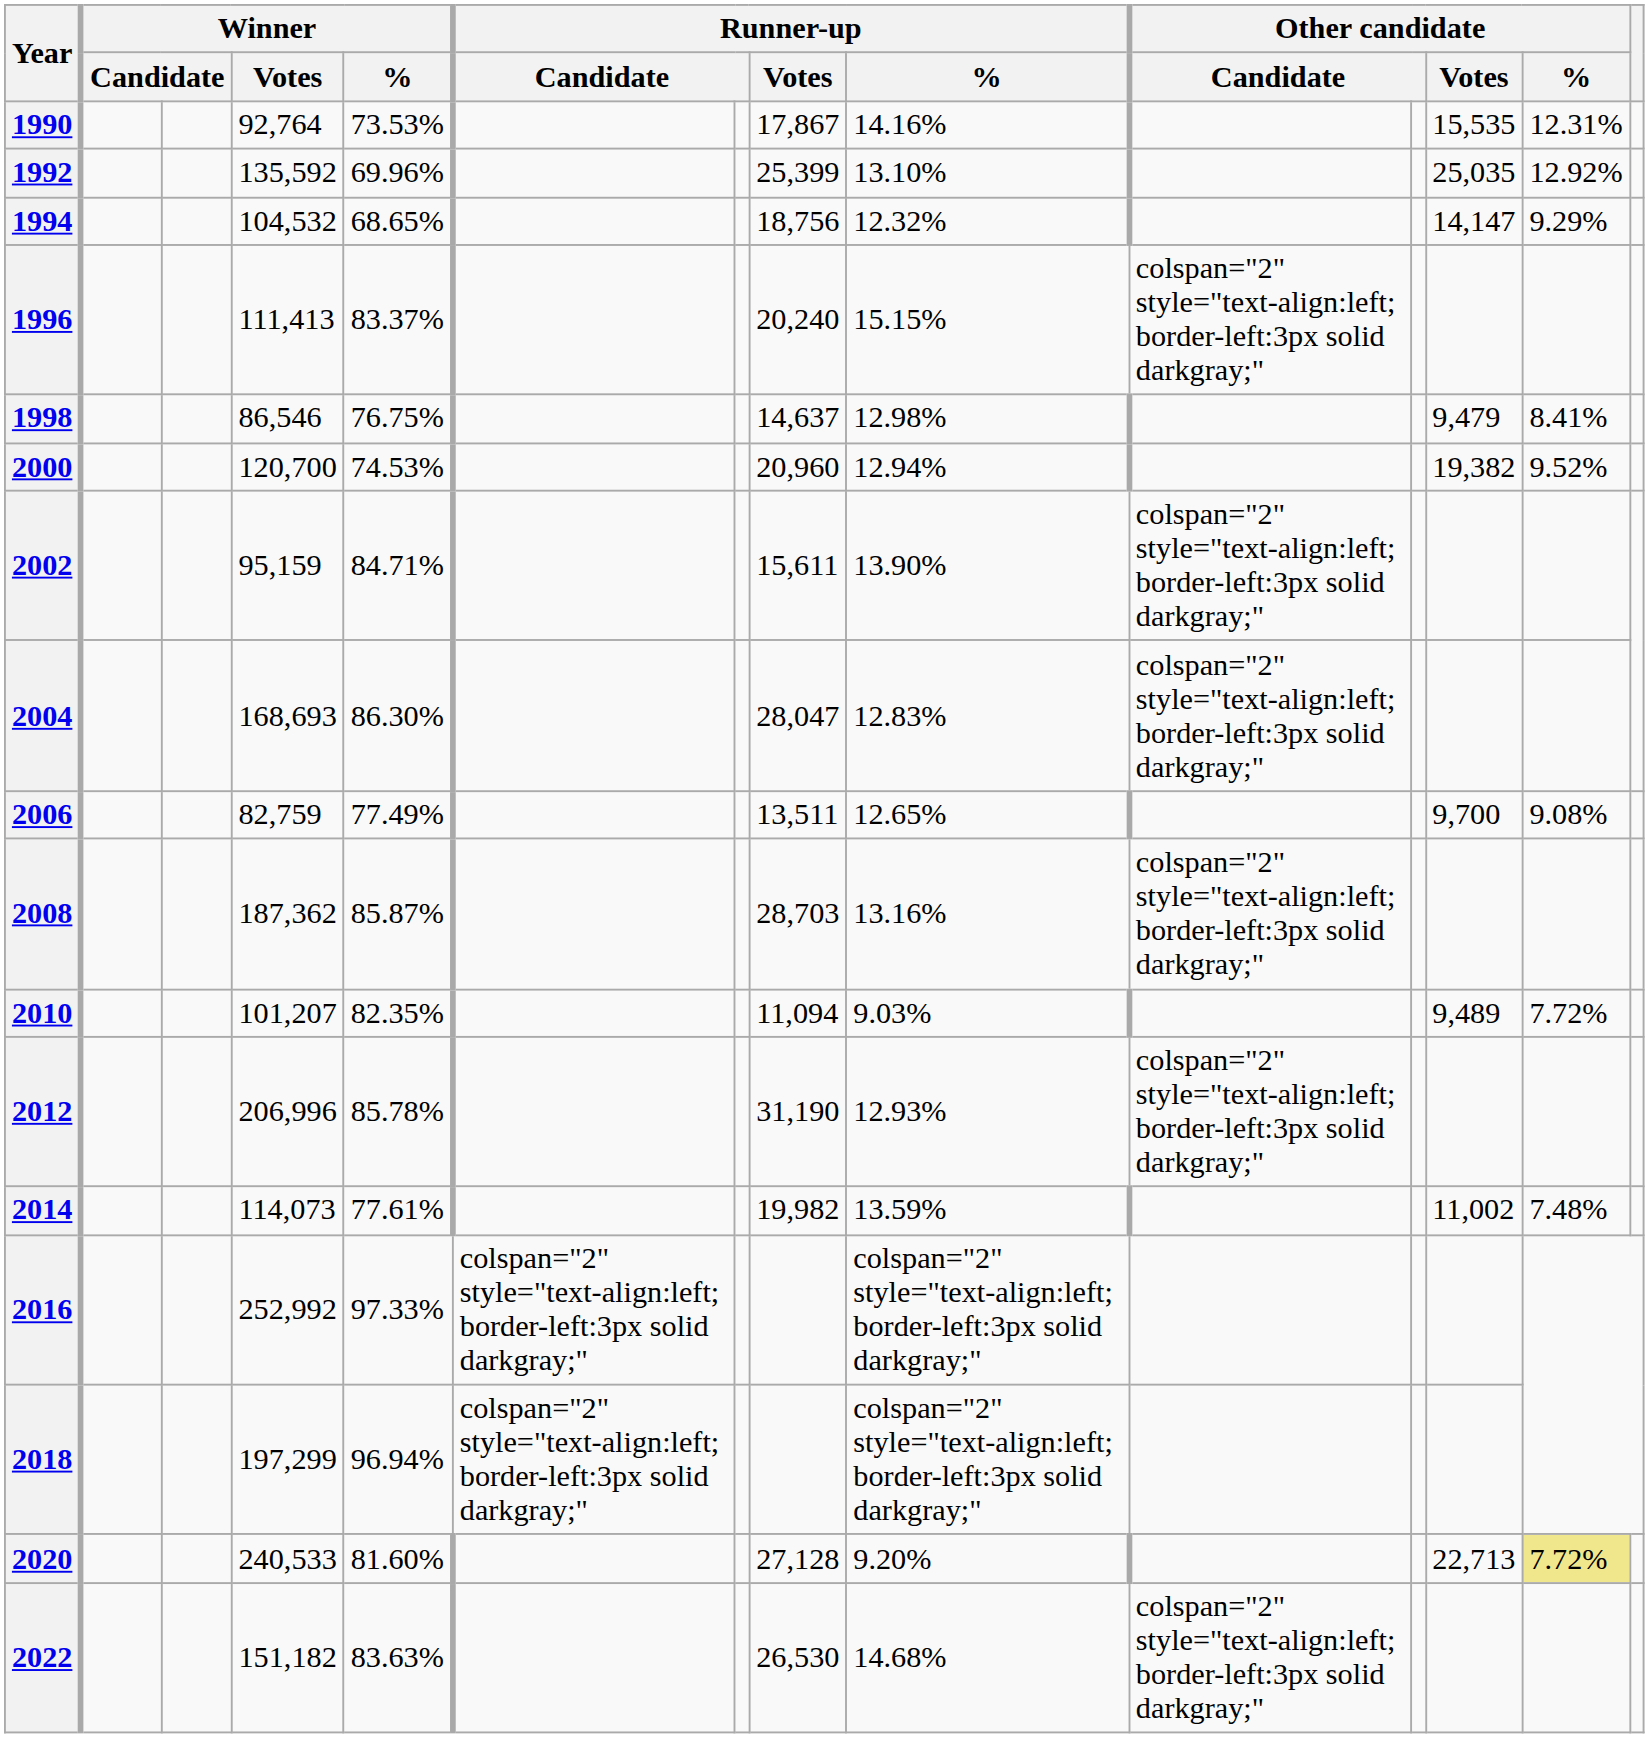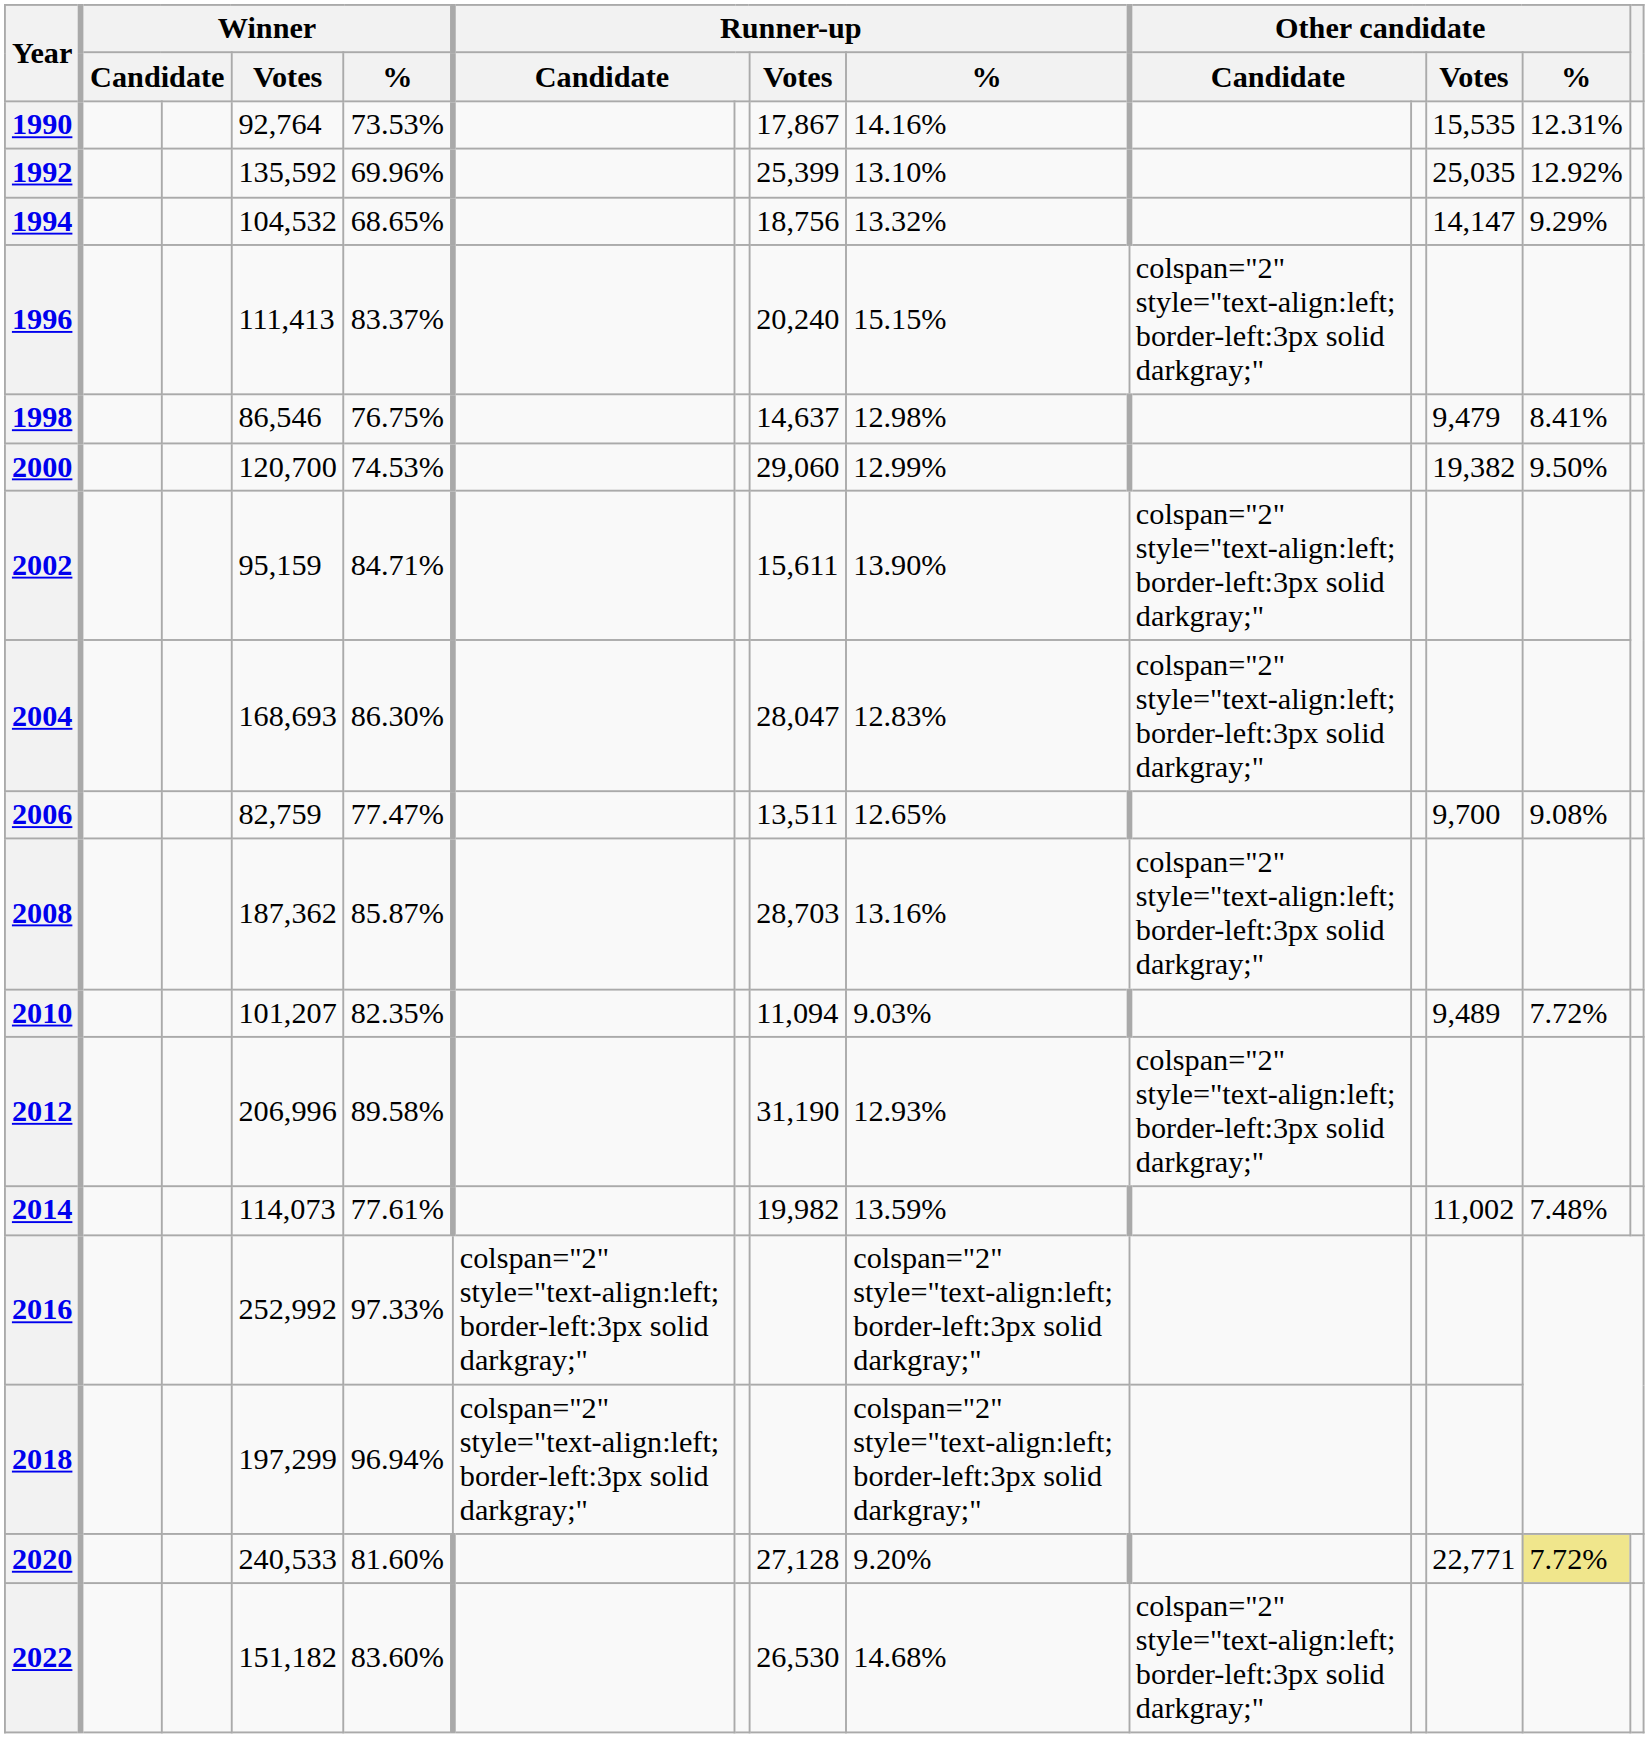 <table class="wikitable sortable">
 <tr>
 <th scope=col rowspan="2">Year</th>
 <th scope="col" style="border-left:3px solid darkgray;" colspan="4">Winner</th>
 <th scope="col" style="border-left:3px solid darkgray;" colspan="4">Runner-up</th>
 <th scope="col" style="border-left:3px solid darkgray;" colspan="4">Other candidate</th>
 <th scope="col" class="unsortable" rowspan="2"></th>
 </tr>
 <tr>
 <th scope="col" style="border-left:3px solid darkgray;" colspan="2">Candidate</th>
 <th scope="col" data-sort-type="number">Votes</th>
 <th scope="col"  data-sort-type="number">%</th>
 <th scope="col" style="border-left:3px solid darkgray;" colspan="2">Candidate</th>
 <th scope="col"  data-sort-type="number">Votes</th>
 <th scope="col"  data-sort-type="number">%</th>
 <th scope="col"  scope="col" style="border-left:3px solid darkgray;" colspan="2">Candidate</th>
 <th scope="col"  data-sort-type="number">Votes</th>
 <th scope="col"  data-sort-type="number">%</th>
 </tr>
 <tr>
 <th scope="row"><a href='#'>1990</a></th>
 <td style="text-align:left; border-left:3px solid darkgray; background-color:"></td>
 <td> </td>
 <td>92,764</td>
 <td>73.53%</td>
 <td style="text-align:left; border-left:3px solid darkgray; background-color:"></td>
 <td> </td>
 <td>17,867</td>
 <td>14.16%</td>
 <td style="text-align:left; border-left:3px solid darkgray; background-color:"></td>
 <td> </td>
 <td>15,535</td>
 <td>12.31%</td>
 <td style="text-align: center;"></td>
 </tr>
 <tr>
 <th scope="row"><a href='#'>1992</a></th>
 <td style="text-align:left; border-left:3px solid darkgray; background-color:"></td>
 <td> </td>
 <td>135,592</td>
 <td>69.96%</td>
 <td style="text-align:left; border-left:3px solid darkgray; background-color:"></td>
 <td> </td>
 <td>25,399</td>
 <td>13.10%</td>
 <td style="text-align:left; border-left:3px solid darkgray; background-color:"></td>
 <td> </td>
 <td>25,035</td>
 <td>12.92%</td>
 <td style="text-align: center;"></td>
 </tr>
 <tr>
 <th scope="row"><a href='#'>1994</a></th>
 <td style="text-align:left; border-left:3px solid darkgray; background-color:"></td>
 <td> </td>
 <td>104,532</td>
 <td>68.65%</td>
 <td style="text-align:left; border-left:3px solid darkgray; background-color:"></td>
 <td> </td>
 <td>18,756</td>
-<td>12.32%</td>
+<td>13.32%</td>
 <td style="text-align:left; border-left:3px solid darkgray; background-color:"></td>
 <td> </td>
 <td>14,147</td>
 <td>9.29%</td>
 <td style="text-align: center;"></td>
 </tr>
 <tr>
 <th scope="row"><a href='#'>1996</a></th>
 <td style="text-align:left; border-left:3px solid darkgray; background-color:"></td>
 <td> </td>
 <td>111,413</td>
 <td>83.37%</td>
 <td style="text-align:left; border-left:3px solid darkgray; background-color:"></td>
 <td> </td>
 <td>20,240</td>
 <td>15.15%</td>
 <td>colspan="2" style="text-align:left; border-left:3px solid darkgray;" </td>
 <td></td>
 <td></td>
 <td style="text-align: center;"></td>
 </tr>
 <tr>
 <th scope="row"><a href='#'>1998</a></th>
 <td style="text-align:left; border-left:3px solid darkgray; background-color:"></td>
 <td> </td>
 <td>86,546</td>
 <td>76.75%</td>
 <td style="text-align:left; border-left:3px solid darkgray; background-color:"></td>
 <td> </td>
 <td>14,637</td>
 <td>12.98%</td>
 <td style="text-align:left; border-left:3px solid darkgray; background-color:"></td>
 <td> </td>
 <td>9,479</td>
 <td>8.41%</td>
 <td style="text-align: center;"></td>
 </tr>
 <tr>
 <th scope="row"><a href='#'>2000</a></th>
 <td style="text-align:left; border-left:3px solid darkgray; background-color:"></td>
 <td> </td>
 <td>120,700</td>
 <td>74.53%</td>
 <td style="text-align:left; border-left:3px solid darkgray; background-color:"></td>
 <td> </td>
-<td>20,960</td>
-<td>12.94%</td>
+<td>29,060</td>
+<td>12.99%</td>
 <td style="text-align:left; border-left:3px solid darkgray; background-color:"></td>
 <td> </td>
 <td>19,382</td>
-<td>9.52%</td>
+<td>9.50%</td>
 <td style="text-align: center;"></td>
 </tr>
 <tr>
 <th scope="row"><a href='#'>2002</a></th>
 <td style="text-align:left; border-left:3px solid darkgray; background-color:"></td>
 <td> </td>
 <td>95,159</td>
 <td>84.71%</td>
 <td style="text-align:left; border-left:3px solid darkgray; background-color:"></td>
 <td> </td>
 <td>15,611</td>
 <td>13.90%</td>
 <td>colspan="2" style="text-align:left; border-left:3px solid darkgray;" </td>
 <td></td>
 <td></td>
 <td style="text-align: center;"></td>
 </tr>
 <tr>
 <th scope="row"><a href='#'>2004</a></th>
 <td style="text-align:left; border-left:3px solid darkgray; background-color:"></td>
 <td> </td>
 <td>168,693</td>
 <td>86.30%</td>
 <td style="text-align:left; border-left:3px solid darkgray; background-color:"></td>
 <td> </td>
 <td>28,047</td>
 <td>12.83%</td>
 <td>colspan="2" style="text-align:left; border-left:3px solid darkgray;" </td>
 <td></td>
 <td></td>
 <td style="text-align: center;"></td>
 </tr>
 <tr>
 <th scope="row"><a href='#'>2006</a></th>
 <td style="text-align:left; border-left:3px solid darkgray; background-color:"></td>
 <td> </td>
 <td>82,759</td>
-<td>77.49%</td>
+<td>77.47%</td>
 <td style="text-align:left; border-left:3px solid darkgray; background-color:"></td>
 <td> </td>
 <td>13,511</td>
 <td>12.65%</td>
 <td style="text-align:left; border-left:3px solid darkgray; background-color:"></td>
 <td> </td>
 <td>9,700</td>
 <td>9.08%</td>
 <td style="text-align: center;"></td>
 </tr>
 <tr>
 <th scope="row"><a href='#'>2008</a></th>
 <td style="text-align:left; border-left:3px solid darkgray; background-color:"></td>
 <td> </td>
 <td>187,362</td>
 <td>85.87%</td>
 <td style="text-align:left; border-left:3px solid darkgray; background-color:"></td>
 <td> </td>
 <td>28,703</td>
 <td>13.16%</td>
 <td>colspan="2" style="text-align:left; border-left:3px solid darkgray;" </td>
 <td></td>
 <td></td>
 <td style="text-align: center;"></td>
 </tr>
 <tr>
 <th scope="row"><a href='#'>2010</a></th>
 <td style="text-align:left; border-left:3px solid darkgray; background-color:"></td>
 <td> </td>
 <td>101,207</td>
 <td>82.35%</td>
 <td style="text-align:left; border-left:3px solid darkgray; background-color:"></td>
 <td> </td>
 <td>11,094</td>
 <td>9.03%</td>
 <td style="text-align:left; border-left:3px solid darkgray; background-color:"></td>
 <td> </td>
 <td>9,489</td>
 <td>7.72%</td>
 <td style="text-align: center;"></td>
 </tr>
 <tr>
 <th scope="row"><a href='#'>2012</a></th>
 <td style="text-align:left; border-left:3px solid darkgray; background-color:"></td>
 <td> </td>
 <td>206,996</td>
-<td>85.78%</td>
+<td>89.58%</td>
 <td style="text-align:left; border-left:3px solid darkgray; background-color:"></td>
 <td> </td>
 <td>31,190</td>
 <td>12.93%</td>
 <td>colspan="2" style="text-align:left; border-left:3px solid darkgray;" </td>
 <td></td>
 <td></td>
 <td style="text-align: center;"></td>
 </tr>
 <tr>
 <th scope="row"><a href='#'>2014</a></th>
 <td style="text-align:left; border-left:3px solid darkgray; background-color:"></td>
 <td> </td>
 <td>114,073</td>
 <td>77.61%</td>
 <td style="text-align:left; border-left:3px solid darkgray; background-color:"></td>
 <td> </td>
 <td>19,982</td>
 <td>13.59%</td>
 <td style="text-align:left; border-left:3px solid darkgray; background-color:"></td>
 <td> </td>
 <td>11,002</td>
 <td>7.48%</td>
 <td style="text-align: center;"></td>
 </tr>
 <tr>
 <th scope="row"><a href='#'>2016</a></th>
 <td style="text-align:left; border-left:3px solid darkgray; background-color:"></td>
 <td> </td>
 <td>252,992</td>
 <td>97.33%</td>
 <td>colspan="2" style="text-align:left; border-left:3px solid darkgray;" </td>
 <td></td>
 <td></td>
 <td>colspan="2" style="text-align:left; border-left:3px solid darkgray;" </td>
 <td></td>
 <td></td>
 <td style="text-align: center;"></td>
 </tr>
 <tr>
 <th scope="row"><a href='#'>2018</a></th>
 <td style="text-align:left; border-left:3px solid darkgray; background-color:"></td>
 <td> </td>
 <td>197,299</td>
 <td>96.94%</td>
 <td>colspan="2" style="text-align:left; border-left:3px solid darkgray;" </td>
 <td></td>
 <td></td>
 <td>colspan="2" style="text-align:left; border-left:3px solid darkgray;" </td>
 <td></td>
 <td></td>
 <td style="text-align: center;"></td>
 </tr>
 <tr>
 <th scope="row"><a href='#'>2020</a></th>
 <td style="text-align:left; border-left:3px solid darkgray; background-color:"></td>
 <td> </td>
 <td>240,533</td>
 <td>81.60%</td>
 <td style="text-align:left; border-left:3px solid darkgray; background-color:"></td>
 <td> </td>
 <td>27,128</td>
 <td>9.20%</td>
 <td style="text-align:left; border-left:3px solid darkgray; background-color:"></td>
 <td> </td>
-<td>22,713</td>
+<td>22,771</td>
 <td style="background: khaki;">7.72%</td>
 <td style="text-align: center;"></td>
 </tr>
 <tr>
 <th scope="row"><a href='#'>2022</a></th>
 <td style="text-align:left; border-left:3px solid darkgray; background-color:"></td>
 <td> </td>
 <td>151,182</td>
-<td>83.63%</td>
+<td>83.60%</td>
 <td style="text-align:left; border-left:3px solid darkgray; background-color:"></td>
 <td> </td>
 <td>26,530</td>
 <td>14.68%</td>
 <td>colspan="2" style="text-align:left; border-left:3px solid darkgray;" </td>
 <td></td>
 <td></td>
 <td style="text-align: center;"></td>
 </tr>
 </table>
